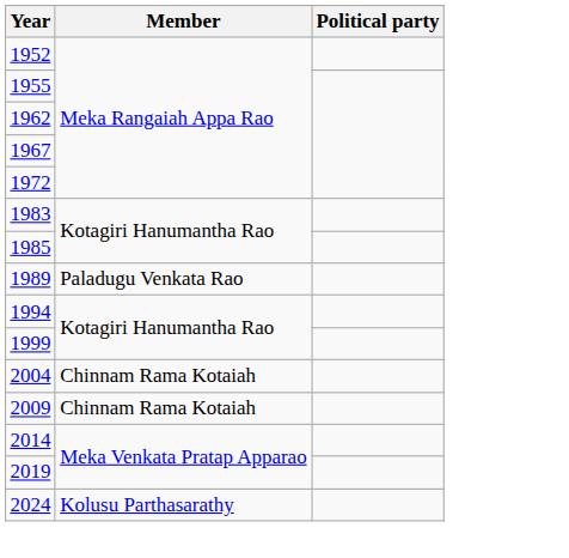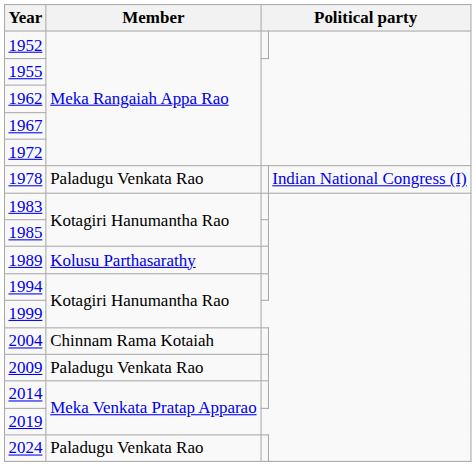 <table class="wikitable sortable">
 <tr>
 <th>Year</th>
 <th>Member</th>
 <th colspan="2">Political party</th>
 </tr>
 <tr>
 <td><a href='#'>1952</a></td>
 <td rowspan=5><a href='#'>Meka Rangaiah Appa Rao</a></td>
 <td></td>
 </tr>
 <tr>
 <td><a href='#'>1955</a></td>
 </tr>
 <tr>
 <td><a href='#'>1962</a></td>
 </tr>
 <tr>
 <td><a href='#'>1967</a></td>
 </tr>
 <tr>
 <td><a href='#'>1972</a></td>
 </tr>
 <tr>
+<td><a href='#'>1978</a></td>
+<td>Paladugu Venkata Rao</td>
+<td style="background-color: "></td>
+<td><a href='#'>Indian National Congress (I)</a></td>
+</tr>
+<tr>
 <td><a href='#'>1983</a></td>
 <td rowspan=2>Kotagiri Hanumantha Rao</td>
 <td></td>
 </tr>
 <tr>
 <td><a href='#'>1985</a></td>
 <td></td>
 </tr>
 <tr>
 <td><a href='#'>1989</a></td>
-<td>Paladugu Venkata Rao</td>
+<td><a href='#'>Kolusu Parthasarathy</a></td>
 <td></td>
 </tr>
 <tr>
 <td><a href='#'>1994</a></td>
 <td rowspan=2>Kotagiri Hanumantha Rao</td>
 <td></td>
 </tr>
 <tr>
 <td><a href='#'>1999</a></td>
 </tr>
 <tr>
 <td><a href='#'>2004</a></td>
 <td>Chinnam Rama Kotaiah</td>
 <td></td>
 </tr>
 <tr>
 <td><a href='#'>2009</a></td>
-<td>Chinnam Rama Kotaiah</td>
+<td>Paladugu Venkata Rao</td>
 <td></td>
 </tr>
 <tr>
 <td><a href='#'>2014</a></td>
 <td rowspan=2><a href='#'>Meka Venkata Pratap Apparao</a></td>
 <td></td>
 </tr>
 <tr>
 <td><a href='#'>2019</a></td>
 </tr>
 <tr>
 <td><a href='#'>2024</a></td>
-<td><a href='#'>Kolusu Parthasarathy</a></td>
+<td>Paladugu Venkata Rao</td>
 <td></td>
 </tr>
 </table>
